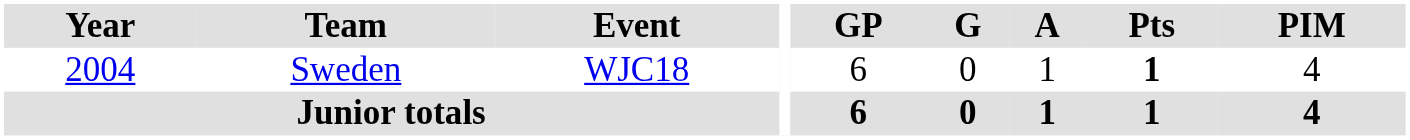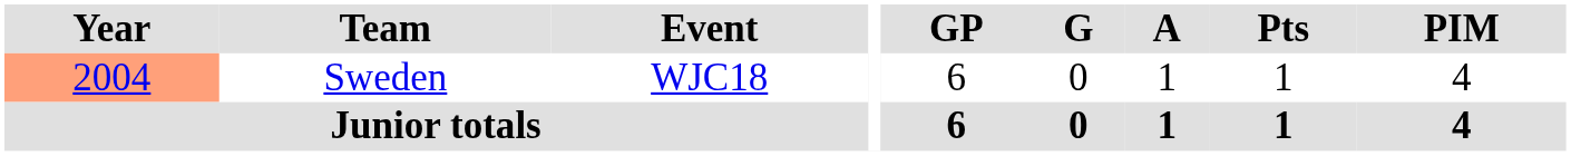 <table border="0" cellpadding="1" cellspacing="0" ID="Table3" style="text-align:center; width:40em">
 <tr ALIGN="center" bgcolor="#e0e0e0">
 <th>Year</th>
 <th>Team</th>
 <th>Event</th>
 <th rowspan="99" bgcolor="#ffffff"></th>
 <th>GP</th>
 <th>G</th>
 <th>A</th>
 <th>Pts</th>
 <th>PIM</th>
 </tr>
 <tr>
-<td><a href='#'>2004</a></td>
+<td style="background: lightsalmon;"><a href='#'>2004</a></td>
 <td><a href='#'>Sweden</a></td>
 <td><a href='#'>WJC18</a></td>
 <td>6</td>
 <td>0</td>
 <td>1</td>
-<td><strong>1</strong></td>
+<td>1</td>
 <td>4</td>
 </tr>
 <tr bgcolor="#e0e0e0">
 <th colspan="3">Junior totals</th>
 <th>6</th>
 <th>0</th>
 <th>1</th>
 <th>1</th>
 <th>4</th>
 </tr>
 </table>
